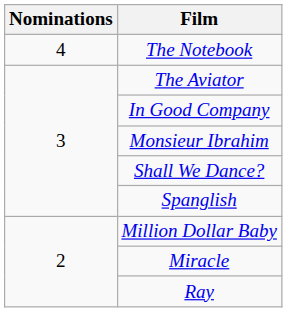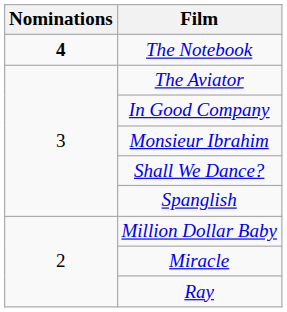 <table class="wikitable plainrowheaders" style="text-align:center;">
 <tr>
 <th scope="col" style="width:55px;">Nominations</th>
 <th scope="col" style="text-align:center;">Film</th>
 </tr>
 <tr>
-<td scope=row rowspan=1 style="text-align:center;">4</td>
+<td scope=row rowspan=1 style="text-align:center;"><strong>4</strong></td>
 <td><em><a href='#'>The Notebook</a></em></td>
 </tr>
 <tr>
 <td scope=row rowspan=5 style="text-align:center;">3</td>
 <td><em><a href='#'>The Aviator</a></em></td>
 </tr>
 <tr>
 <td><em><a href='#'>In Good Company</a></em></td>
 </tr>
 <tr>
 <td><em><a href='#'>Monsieur Ibrahim</a></em></td>
 </tr>
 <tr>
 <td><em><a href='#'>Shall We Dance?</a></em></td>
 </tr>
 <tr>
 <td><em><a href='#'>Spanglish</a></em></td>
 </tr>
 <tr>
 <td scope=row rowspan=3 style="text-align:center;">2</td>
 <td><em><a href='#'>Million Dollar Baby</a></em></td>
 </tr>
 <tr>
 <td><em><a href='#'>Miracle</a></em></td>
 </tr>
 <tr>
 <td><em><a href='#'>Ray</a></em></td>
 </tr>
 </table>
